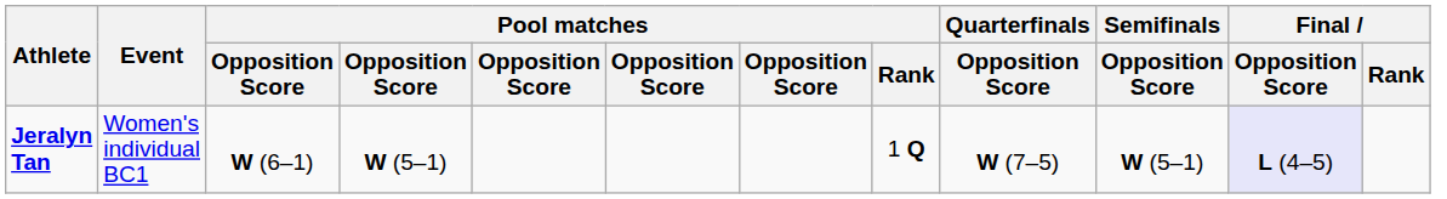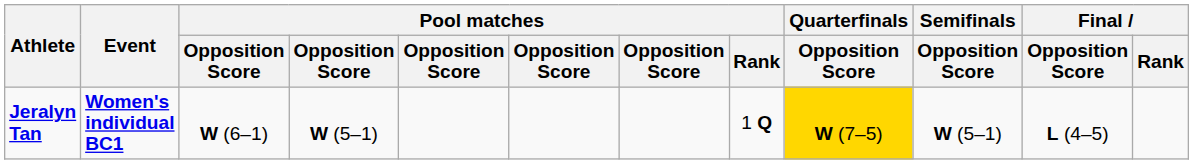 <table class=wikitable style="font-size:90%">
 <tr>
 <th rowspan="2">Athlete</th>
 <th rowspan="2">Event</th>
 <th colspan="6">Pool matches</th>
 <th>Quarterfinals</th>
 <th>Semifinals</th>
 <th colspan=2>Final / </th>
 </tr>
 <tr>
 <th>Opposition<br>Score</th>
 <th>Opposition<br>Score</th>
 <th>Opposition<br>Score</th>
 <th>Opposition<br>Score</th>
 <th>Opposition<br>Score</th>
 <th>Rank</th>
 <th>Opposition<br>Score</th>
 <th>Opposition<br>Score</th>
 <th>Opposition<br>Score</th>
 <th>Rank</th>
 </tr>
 <tr align=center>
 <td align=left><strong><a href='#'>Jeralyn Tan</a></strong></td>
-<td align=left><a href='#'>Women's individual BC1</a></td>
+<td align=left><strong><a href='#'>Women's individual BC1</a></strong></td>
 <td><br><strong>W</strong> (6–1)</td>
 <td><br><strong>W</strong> (5–1)</td>
 <td></td>
 <td></td>
 <td></td>
 <td>1 <strong>Q</strong></td>
-<td><br><strong>W</strong> (7–5)</td>
+<td style="background: gold;"><br><strong>W</strong> (7–5)</td>
 <td><br><strong>W</strong> (5–1)</td>
-<td style="background: lavender;"><br><strong>L</strong> (4–5)</td>
+<td><br><strong>L</strong> (4–5)</td>
 <td></td>
 </tr>
 </table>
